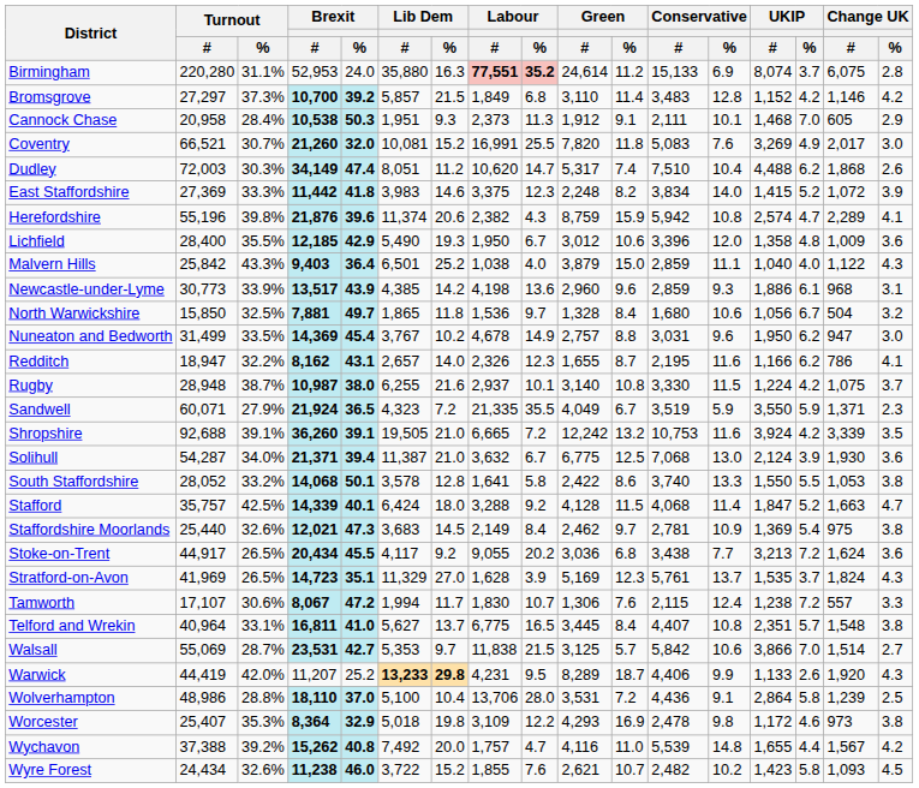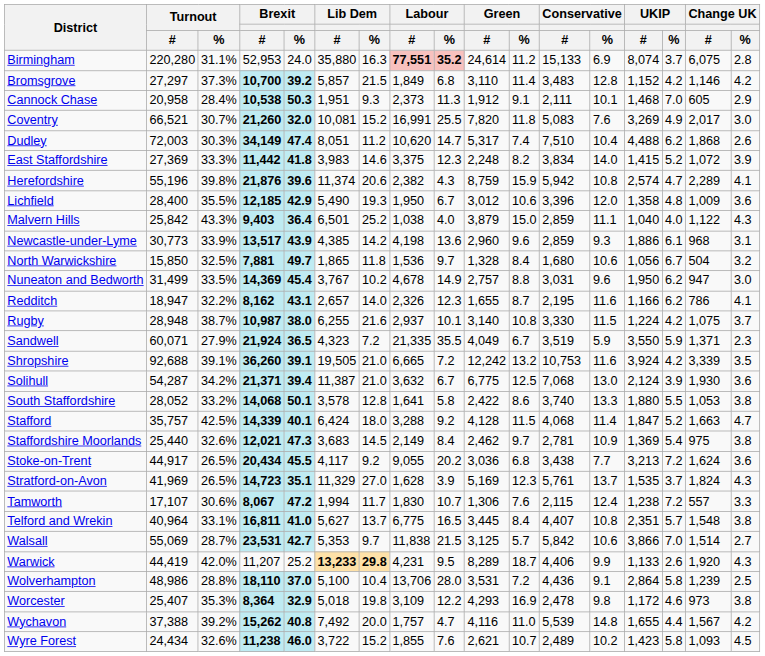 <table class="wikitable sortable">
 <tr>
 <th rowspan=3>District</th>
 <th rowspan=2 colspan=2>Turnout</th>
 <th colspan="2">Brexit</th>
 <th colspan="2">Lib Dem</th>
 <th colspan="2">Labour</th>
 <th colspan="2">Green</th>
 <th colspan="2">Conservative</th>
 <th colspan="2">UKIP</th>
 <th colspan="2">Change UK</th>
 </tr>
 <tr>
 <th colspan="2" style="background:"></th>
 <th colspan="2" style="background:"></th>
 <th colspan="2" style="background:"></th>
 <th colspan="2" style="background:"></th>
 <th colspan="2" style="background:"></th>
 <th colspan="2" style="background:"></th>
 <th colspan="2" style="background:"></th>
 </tr>
 <tr>
 <th>#</th>
 <th>%</th>
 <th>#</th>
 <th>%</th>
 <th>#</th>
 <th>%</th>
 <th>#</th>
 <th>%</th>
 <th>#</th>
 <th>%</th>
 <th>#</th>
 <th>%</th>
 <th>#</th>
 <th>%</th>
 <th>#</th>
 <th>%</th>
 </tr>
 <tr>
 <td><a href='#'>Birmingham</a></td>
 <td>220,280</td>
 <td>31.1%</td>
 <td>52,953</td>
 <td>24.0</td>
 <td>35,880</td>
 <td>16.3</td>
 <td style="background:#F8C1BE"><strong>77,551</strong></td>
 <td style="background:#F8C1BE"><strong>35.2</strong></td>
 <td>24,614</td>
 <td>11.2</td>
 <td>15,133</td>
 <td>6.9</td>
 <td>8,074</td>
 <td>3.7</td>
 <td>6,075</td>
 <td>2.8</td>
 </tr>
 <tr>
 <td><a href='#'>Bromsgrove</a></td>
 <td>27,297</td>
 <td>37.3%</td>
 <td style="background:#BFEBF2;"><strong>10,700</strong></td>
 <td style="background:#BFEBF2;"><strong>39.2</strong></td>
 <td>5,857</td>
 <td>21.5</td>
 <td>1,849</td>
 <td>6.8</td>
 <td>3,110</td>
 <td>11.4</td>
 <td>3,483</td>
 <td>12.8</td>
 <td>1,152</td>
 <td>4.2</td>
 <td>1,146</td>
 <td>4.2</td>
 </tr>
 <tr>
 <td><a href='#'>Cannock Chase</a></td>
 <td>20,958</td>
 <td>28.4%</td>
 <td style="background:#BFEBF2;"><strong>10,538</strong></td>
 <td style="background:#BFEBF2;"><strong>50.3</strong></td>
 <td>1,951</td>
 <td>9.3</td>
 <td>2,373</td>
 <td>11.3</td>
 <td>1,912</td>
 <td>9.1</td>
 <td>2,111</td>
 <td>10.1</td>
 <td>1,468</td>
 <td>7.0</td>
 <td>605</td>
 <td>2.9</td>
 </tr>
 <tr>
 <td><a href='#'>Coventry</a></td>
 <td>66,521</td>
 <td>30.7%</td>
 <td style="background:#BFEBF2;"><strong>21,260</strong></td>
 <td style="background:#BFEBF2;"><strong>32.0</strong></td>
 <td>10,081</td>
 <td>15.2</td>
 <td>16,991</td>
 <td>25.5</td>
 <td>7,820</td>
 <td>11.8</td>
 <td>5,083</td>
 <td>7.6</td>
 <td>3,269</td>
 <td>4.9</td>
 <td>2,017</td>
 <td>3.0</td>
 </tr>
 <tr>
 <td><a href='#'>Dudley</a></td>
 <td>72,003</td>
 <td>30.3%</td>
 <td style="background:#BFEBF2;"><strong>34,149</strong></td>
 <td style="background:#BFEBF2;"><strong>47.4</strong></td>
 <td>8,051</td>
 <td>11.2</td>
 <td>10,620</td>
 <td>14.7</td>
 <td>5,317</td>
 <td>7.4</td>
 <td>7,510</td>
 <td>10.4</td>
 <td>4,488</td>
 <td>6.2</td>
 <td>1,868</td>
 <td>2.6</td>
 </tr>
 <tr>
 <td><a href='#'>East Staffordshire</a></td>
 <td>27,369</td>
 <td>33.3%</td>
 <td style="background:#BFEBF2;"><strong>11,442</strong></td>
 <td style="background:#BFEBF2;"><strong>41.8</strong></td>
 <td>3,983</td>
 <td>14.6</td>
 <td>3,375</td>
 <td>12.3</td>
 <td>2,248</td>
 <td>8.2</td>
 <td>3,834</td>
 <td>14.0</td>
 <td>1,415</td>
 <td>5.2</td>
 <td>1,072</td>
 <td>3.9</td>
 </tr>
 <tr>
 <td><a href='#'>Herefordshire</a></td>
 <td>55,196</td>
 <td>39.8%</td>
 <td style="background:#BFEBF2;"><strong>21,876</strong></td>
 <td style="background:#BFEBF2;"><strong>39.6</strong></td>
 <td>11,374</td>
 <td>20.6</td>
 <td>2,382</td>
 <td>4.3</td>
 <td>8,759</td>
 <td>15.9</td>
 <td>5,942</td>
 <td>10.8</td>
 <td>2,574</td>
 <td>4.7</td>
 <td>2,289</td>
 <td>4.1</td>
 </tr>
 <tr>
 <td><a href='#'>Lichfield</a></td>
 <td>28,400</td>
 <td>35.5%</td>
 <td style="background:#BFEBF2;"><strong>12,185</strong></td>
 <td style="background:#BFEBF2;"><strong>42.9</strong></td>
 <td>5,490</td>
 <td>19.3</td>
 <td>1,950</td>
 <td>6.7</td>
 <td>3,012</td>
 <td>10.6</td>
 <td>3,396</td>
 <td>12.0</td>
 <td>1,358</td>
 <td>4.8</td>
 <td>1,009</td>
 <td>3.6</td>
 </tr>
 <tr>
 <td><a href='#'>Malvern Hills</a></td>
 <td>25,842</td>
 <td>43.3%</td>
 <td style="background:#BFEBF2;"><strong>9,403</strong></td>
 <td style="background:#BFEBF2;"><strong>36.4</strong></td>
 <td>6,501</td>
 <td>25.2</td>
 <td>1,038</td>
 <td>4.0</td>
 <td>3,879</td>
 <td>15.0</td>
 <td>2,859</td>
 <td>11.1</td>
 <td>1,040</td>
 <td>4.0</td>
 <td>1,122</td>
 <td>4.3</td>
 </tr>
 <tr>
 <td><a href='#'>Newcastle-under-Lyme</a></td>
 <td>30,773</td>
 <td>33.9%</td>
 <td style="background:#BFEBF2;"><strong>13,517</strong></td>
 <td style="background:#BFEBF2;"><strong>43.9</strong></td>
 <td>4,385</td>
 <td>14.2</td>
 <td>4,198</td>
 <td>13.6</td>
 <td>2,960</td>
 <td>9.6</td>
 <td>2,859</td>
 <td>9.3</td>
 <td>1,886</td>
 <td>6.1</td>
 <td>968</td>
 <td>3.1</td>
 </tr>
 <tr>
 <td><a href='#'>North Warwickshire</a></td>
 <td>15,850</td>
 <td>32.5%</td>
 <td style="background:#BFEBF2;"><strong>7,881</strong></td>
 <td style="background:#BFEBF2;"><strong>49.7</strong></td>
 <td>1,865</td>
 <td>11.8</td>
 <td>1,536</td>
 <td>9.7</td>
 <td>1,328</td>
 <td>8.4</td>
 <td>1,680</td>
 <td>10.6</td>
 <td>1,056</td>
 <td>6.7</td>
 <td>504</td>
 <td>3.2</td>
 </tr>
 <tr>
 <td><a href='#'>Nuneaton and Bedworth</a></td>
 <td>31,499</td>
 <td>33.5%</td>
 <td style="background:#BFEBF2;"><strong>14,369</strong></td>
 <td style="background:#BFEBF2;"><strong>45.4</strong></td>
 <td>3,767</td>
 <td>10.2</td>
 <td>4,678</td>
 <td>14.9</td>
 <td>2,757</td>
 <td>8.8</td>
 <td>3,031</td>
 <td>9.6</td>
 <td>1,950</td>
 <td>6.2</td>
 <td>947</td>
 <td>3.0</td>
 </tr>
 <tr>
 <td><a href='#'>Redditch</a></td>
 <td>18,947</td>
 <td>32.2%</td>
 <td style="background:#BFEBF2;"><strong>8,162</strong></td>
 <td style="background:#BFEBF2;"><strong>43.1</strong></td>
 <td>2,657</td>
 <td>14.0</td>
 <td>2,326</td>
 <td>12.3</td>
 <td>1,655</td>
 <td>8.7</td>
 <td>2,195</td>
 <td>11.6</td>
 <td>1,166</td>
 <td>6.2</td>
 <td>786</td>
 <td>4.1</td>
 </tr>
 <tr>
 <td><a href='#'>Rugby</a></td>
 <td>28,948</td>
 <td>38.7%</td>
 <td style="background:#BFEBF2;"><strong>10,987</strong></td>
 <td style="background:#BFEBF2;"><strong>38.0</strong></td>
 <td>6,255</td>
 <td>21.6</td>
 <td>2,937</td>
 <td>10.1</td>
 <td>3,140</td>
 <td>10.8</td>
 <td>3,330</td>
 <td>11.5</td>
 <td>1,224</td>
 <td>4.2</td>
 <td>1,075</td>
 <td>3.7</td>
 </tr>
 <tr>
 <td><a href='#'>Sandwell</a></td>
 <td>60,071</td>
 <td>27.9%</td>
 <td style="background:#BFEBF2;"><strong>21,924</strong></td>
 <td style="background:#BFEBF2;"><strong>36.5</strong></td>
 <td>4,323</td>
 <td>7.2</td>
 <td>21,335</td>
 <td>35.5</td>
 <td>4,049</td>
 <td>6.7</td>
 <td>3,519</td>
 <td>5.9</td>
 <td>3,550</td>
 <td>5.9</td>
 <td>1,371</td>
 <td>2.3</td>
 </tr>
 <tr>
 <td><a href='#'>Shropshire</a></td>
 <td>92,688</td>
 <td>39.1%</td>
 <td style="background:#BFEBF2;"><strong>36,260</strong></td>
 <td style="background:#BFEBF2;"><strong>39.1</strong></td>
 <td>19,505</td>
 <td>21.0</td>
 <td>6,665</td>
 <td>7.2</td>
 <td>12,242</td>
 <td>13.2</td>
 <td>10,753</td>
 <td>11.6</td>
 <td>3,924</td>
 <td>4.2</td>
 <td>3,339</td>
 <td>3.5</td>
 </tr>
 <tr>
 <td><a href='#'>Solihull</a></td>
 <td>54,287</td>
-<td>34.0%</td>
+<td>34.2%</td>
 <td style="background:#BFEBF2;"><strong>21,371</strong></td>
 <td style="background:#BFEBF2;"><strong>39.4</strong></td>
 <td>11,387</td>
 <td>21.0</td>
 <td>3,632</td>
 <td>6.7</td>
 <td>6,775</td>
 <td>12.5</td>
 <td>7,068</td>
 <td>13.0</td>
 <td>2,124</td>
 <td>3.9</td>
 <td>1,930</td>
 <td>3.6</td>
 </tr>
 <tr>
 <td><a href='#'>South Staffordshire</a></td>
 <td>28,052</td>
 <td>33.2%</td>
 <td style="background:#BFEBF2;"><strong>14,068</strong></td>
 <td style="background:#BFEBF2;"><strong>50.1</strong></td>
 <td>3,578</td>
 <td>12.8</td>
 <td>1,641</td>
 <td>5.8</td>
 <td>2,422</td>
 <td>8.6</td>
 <td>3,740</td>
 <td>13.3</td>
-<td>1,550</td>
+<td>1,880</td>
 <td>5.5</td>
 <td>1,053</td>
 <td>3.8</td>
 </tr>
 <tr>
 <td><a href='#'>Stafford</a></td>
 <td>35,757</td>
 <td>42.5%</td>
 <td style="background:#BFEBF2;"><strong>14,339</strong></td>
 <td style="background:#BFEBF2;"><strong>40.1</strong></td>
 <td>6,424</td>
 <td>18.0</td>
 <td>3,288</td>
 <td>9.2</td>
 <td>4,128</td>
 <td>11.5</td>
 <td>4,068</td>
 <td>11.4</td>
 <td>1,847</td>
 <td>5.2</td>
 <td>1,663</td>
 <td>4.7</td>
 </tr>
 <tr>
 <td><a href='#'>Staffordshire Moorlands</a></td>
 <td>25,440</td>
 <td>32.6%</td>
 <td style="background:#BFEBF2;"><strong>12,021</strong></td>
 <td style="background:#BFEBF2;"><strong>47.3</strong></td>
 <td>3,683</td>
 <td>14.5</td>
 <td>2,149</td>
 <td>8.4</td>
 <td>2,462</td>
 <td>9.7</td>
 <td>2,781</td>
 <td>10.9</td>
 <td>1,369</td>
 <td>5.4</td>
 <td>975</td>
 <td>3.8</td>
 </tr>
 <tr>
 <td><a href='#'>Stoke-on-Trent</a></td>
 <td>44,917</td>
 <td>26.5%</td>
 <td style="background:#BFEBF2;"><strong>20,434</strong></td>
 <td style="background:#BFEBF2;"><strong>45.5</strong></td>
 <td>4,117</td>
 <td>9.2</td>
 <td>9,055</td>
 <td>20.2</td>
 <td>3,036</td>
 <td>6.8</td>
 <td>3,438</td>
 <td>7.7</td>
 <td>3,213</td>
 <td>7.2</td>
 <td>1,624</td>
 <td>3.6</td>
 </tr>
 <tr>
 <td><a href='#'>Stratford-on-Avon</a></td>
 <td>41,969</td>
 <td>26.5%</td>
 <td style="background:#BFEBF2;"><strong>14,723</strong></td>
 <td style="background:#BFEBF2;"><strong>35.1</strong></td>
 <td>11,329</td>
 <td>27.0</td>
 <td>1,628</td>
 <td>3.9</td>
 <td>5,169</td>
 <td>12.3</td>
 <td>5,761</td>
 <td>13.7</td>
 <td>1,535</td>
 <td>3.7</td>
 <td>1,824</td>
 <td>4.3</td>
 </tr>
 <tr>
 <td><a href='#'>Tamworth</a></td>
 <td>17,107</td>
 <td>30.6%</td>
 <td style="background:#BFEBF2;"><strong>8,067</strong></td>
 <td style="background:#BFEBF2;"><strong>47.2</strong></td>
 <td>1,994</td>
 <td>11.7</td>
 <td>1,830</td>
 <td>10.7</td>
 <td>1,306</td>
 <td>7.6</td>
 <td>2,115</td>
 <td>12.4</td>
 <td>1,238</td>
 <td>7.2</td>
 <td>557</td>
 <td>3.3</td>
 </tr>
 <tr>
 <td><a href='#'>Telford and Wrekin</a></td>
 <td>40,964</td>
 <td>33.1%</td>
 <td style="background:#BFEBF2;"><strong>16,811</strong></td>
 <td style="background:#BFEBF2;"><strong>41.0</strong></td>
 <td>5,627</td>
 <td>13.7</td>
 <td>6,775</td>
 <td>16.5</td>
 <td>3,445</td>
 <td>8.4</td>
 <td>4,407</td>
 <td>10.8</td>
 <td>2,351</td>
 <td>5.7</td>
 <td>1,548</td>
 <td>3.8</td>
 </tr>
 <tr>
 <td><a href='#'>Walsall</a></td>
 <td>55,069</td>
 <td>28.7%</td>
 <td style="background:#BFEBF2;"><strong>23,531</strong></td>
 <td style="background:#BFEBF2;"><strong>42.7</strong></td>
 <td>5,353</td>
 <td>9.7</td>
 <td>11,838</td>
 <td>21.5</td>
 <td>3,125</td>
 <td>5.7</td>
 <td>5,842</td>
 <td>10.6</td>
 <td>3,866</td>
 <td>7.0</td>
 <td>1,514</td>
 <td>2.7</td>
 </tr>
 <tr>
 <td><a href='#'>Warwick</a></td>
 <td>44,419</td>
 <td>42.0%</td>
 <td>11,207</td>
 <td>25.2</td>
 <td style="background:#FEE1A8"><strong>13,233</strong></td>
 <td style="background:#FEE1A8"><strong>29.8</strong></td>
 <td>4,231</td>
 <td>9.5</td>
 <td>8,289</td>
 <td>18.7</td>
 <td>4,406</td>
 <td>9.9</td>
 <td>1,133</td>
 <td>2.6</td>
 <td>1,920</td>
 <td>4.3</td>
 </tr>
 <tr>
 <td><a href='#'>Wolverhampton</a></td>
 <td>48,986</td>
 <td>28.8%</td>
 <td style="background:#BFEBF2;"><strong>18,110</strong></td>
 <td style="background:#BFEBF2;"><strong>37.0</strong></td>
 <td>5,100</td>
 <td>10.4</td>
 <td>13,706</td>
 <td>28.0</td>
 <td>3,531</td>
 <td>7.2</td>
 <td>4,436</td>
 <td>9.1</td>
 <td>2,864</td>
 <td>5.8</td>
 <td>1,239</td>
 <td>2.5</td>
 </tr>
 <tr>
 <td><a href='#'>Worcester</a></td>
 <td>25,407</td>
 <td>35.3%</td>
 <td style="background:#BFEBF2;"><strong>8,364</strong></td>
 <td style="background:#BFEBF2;"><strong>32.9</strong></td>
 <td>5,018</td>
 <td>19.8</td>
 <td>3,109</td>
 <td>12.2</td>
 <td>4,293</td>
 <td>16.9</td>
 <td>2,478</td>
 <td>9.8</td>
 <td>1,172</td>
 <td>4.6</td>
 <td>973</td>
 <td>3.8</td>
 </tr>
 <tr>
 <td><a href='#'>Wychavon</a></td>
 <td>37,388</td>
 <td>39.2%</td>
 <td style="background:#BFEBF2;"><strong>15,262</strong></td>
 <td style="background:#BFEBF2;"><strong>40.8</strong></td>
 <td>7,492</td>
 <td>20.0</td>
 <td>1,757</td>
 <td>4.7</td>
 <td>4,116</td>
 <td>11.0</td>
 <td>5,539</td>
 <td>14.8</td>
 <td>1,655</td>
 <td>4.4</td>
 <td>1,567</td>
 <td>4.2</td>
 </tr>
 <tr>
 <td><a href='#'>Wyre Forest</a></td>
 <td>24,434</td>
 <td>32.6%</td>
 <td style="background:#BFEBF2;"><strong>11,238</strong></td>
 <td style="background:#BFEBF2;"><strong>46.0</strong></td>
 <td>3,722</td>
 <td>15.2</td>
 <td>1,855</td>
 <td>7.6</td>
 <td>2,621</td>
 <td>10.7</td>
-<td>2,482</td>
+<td>2,489</td>
 <td>10.2</td>
 <td>1,423</td>
 <td>5.8</td>
 <td>1,093</td>
 <td>4.5</td>
 </tr>
 </table>
